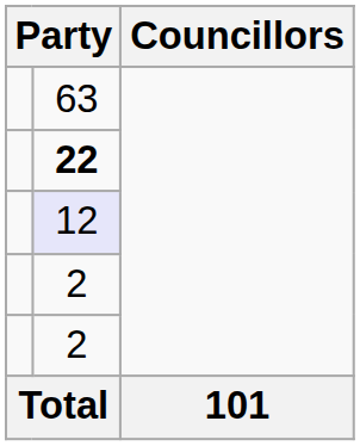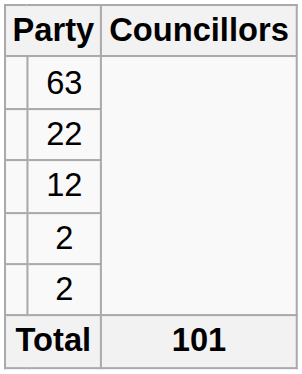 <table class="wikitable">
 <tr>
 <th colspan=2>Party</th>
 <th>Councillors</th>
 </tr>
 <tr>
 <td></td>
 <td align=center>63</td>
 </tr>
 <tr>
 <td></td>
-<td align=center><strong>22</strong></td>
+<td align=center>22</td>
 </tr>
 <tr>
 <td></td>
-<td align=center style="background: lavender;">12</td>
+<td align=center>12</td>
 </tr>
 <tr>
 <td></td>
 <td align=center>2</td>
 </tr>
 <tr>
 <td></td>
 <td align=center>2</td>
 </tr>
 <tr>
 <th colspan=2>Total</th>
 <th align=center>101</th>
 </tr>
 </table>
